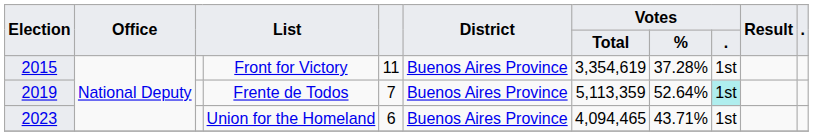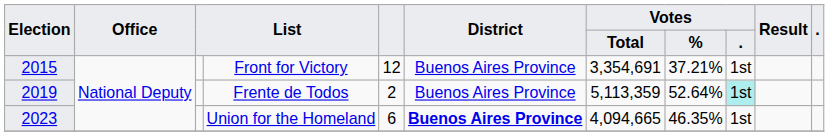 <table class="wikitable" style="font-size:90%; text-align:center;">
 <tr>
 <th style="background-color:#EAECF0;" rowspan=2>Election</th>
 <th style="background-color:#EAECF0;" rowspan=2>Office</th>
 <th style="background-color:#EAECF0;" colspan=2 rowspan=2>List</th>
 <th style="background-color:#EAECF0;" rowspan=2></th>
 <th style="background-color:#EAECF0;" rowspan=2>District</th>
 <th style="background-color:#EAECF0;" colspan=3>Votes</th>
 <th style="background-color:#EAECF0;" rowspan=2>Result</th>
 <th style="background-color:#EAECF0;" rowspan=2>.</th>
 </tr>
 <tr>
 <th style="background-color:#EAECF0;">Total</th>
 <th style="background-color:#EAECF0;">%</th>
 <th style="background-color:#EAECF0;">.</th>
 </tr>
 <tr>
 <td style="background-color:#EAECF0;"><a href='#'>2015</a></td>
 <td rowspan="3"><a href='#'>National Deputy</a></td>
 <td style="background-color:"></td>
 <td><a href='#'>Front for Victory</a></td>
-<td>11</td>
+<td>12</td>
 <td><a href='#'>Buenos Aires Province</a></td>
-<td>3,354,619</td>
-<td>37.28%</td>
+<td>3,354,691</td>
+<td>37.21%</td>
 <td>1st</td>
 <td></td>
 <td></td>
 </tr>
 <tr>
 <td style="background-color:#EAECF0;"><a href='#'>2019</a></td>
 <td style="background-color:"></td>
 <td><a href='#'>Frente de Todos</a></td>
-<td>7</td>
+<td>2</td>
 <td><a href='#'>Buenos Aires Province</a></td>
 <td>5,113,359</td>
 <td>52.64%</td>
 <td style="background: paleturquoise;">1st</td>
 <td></td>
 <td></td>
 </tr>
 <tr>
 <td style="background-color:#EAECF0;"><a href='#'>2023</a></td>
 <td style="background-color:"></td>
 <td><a href='#'>Union for the Homeland</a></td>
 <td>6</td>
-<td><a href='#'>Buenos Aires Province</a></td>
-<td>4,094,465</td>
-<td>43.71%</td>
+<td><strong><a href='#'>Buenos Aires Province</a></strong></td>
+<td>4,094,665</td>
+<td>46.35%</td>
 <td>1st</td>
 <td></td>
 <td></td>
 </tr>
 <tr>
 </tr>
 </table>
